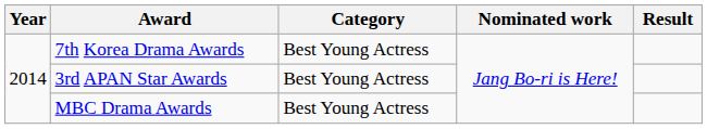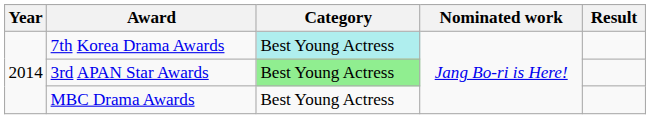 <table class="wikitable" style="width:600px">
 <tr>
 <th width=10>Year</th>
 <th>Award</th>
 <th>Category</th>
 <th>Nominated work</th>
 <th>Result</th>
 </tr>
 <tr>
 <td rowspan=3>2014</td>
 <td><a href='#'>7th</a> <a href='#'>Korea Drama Awards</a></td>
-<td>Best Young Actress</td>
+<td style="background: paleturquoise;">Best Young Actress</td>
 <td rowspan=3 style="text-align:center;"><em><a href='#'>Jang Bo-ri is Here!</a></em></td>
 <td></td>
 </tr>
 <tr>
 <td><a href='#'>3rd</a> <a href='#'>APAN Star Awards</a></td>
-<td>Best Young Actress</td>
+<td style="background: lightgreen;">Best Young Actress</td>
 <td></td>
 </tr>
 <tr>
 <td><a href='#'>MBC Drama Awards</a></td>
 <td>Best Young Actress</td>
 <td></td>
 </tr>
 </table>
